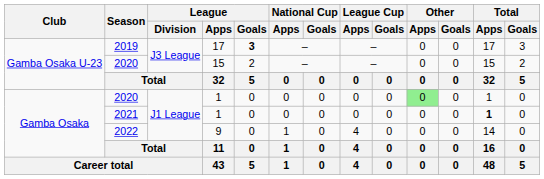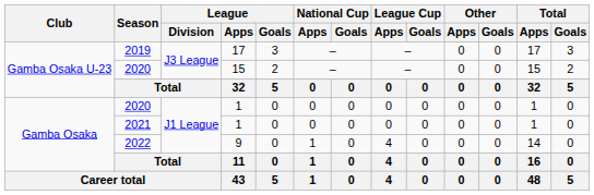 <table class="wikitable" style="text-align: center">
 <tr>
 <th rowspan="2">Club</th>
 <th rowspan="2">Season</th>
 <th colspan="3">League</th>
 <th colspan="2">National Cup</th>
 <th colspan="2">League Cup</th>
 <th colspan="2">Other</th>
 <th colspan="2">Total</th>
 </tr>
 <tr>
 <th>Division</th>
 <th>Apps</th>
 <th>Goals</th>
 <th>Apps</th>
 <th>Goals</th>
 <th>Apps</th>
 <th>Goals</th>
 <th>Apps</th>
 <th>Goals</th>
 <th>Apps</th>
 <th>Goals</th>
 </tr>
 <tr>
 <td rowspan="3"><a href='#'>Gamba Osaka U-23</a></td>
 <td><a href='#'>2019</a></td>
 <td rowspan="2"><a href='#'>J3 League</a></td>
 <td>17</td>
-<td><strong>3</strong></td>
+<td>3</td>
 <td colspan="2">–</td>
 <td colspan="2">–</td>
 <td>0</td>
 <td>0</td>
 <td>17</td>
 <td>3</td>
 </tr>
 <tr>
 <td><a href='#'>2020</a></td>
 <td>15</td>
 <td>2</td>
 <td colspan="2">–</td>
 <td colspan="2">–</td>
 <td>0</td>
 <td>0</td>
 <td>15</td>
 <td>2</td>
 </tr>
 <tr>
 <th colspan=2>Total</th>
 <th>32</th>
 <th>5</th>
 <th>0</th>
 <th>0</th>
 <th>0</th>
 <th>0</th>
 <th>0</th>
 <th>0</th>
 <th>32</th>
 <th>5</th>
 </tr>
 <tr>
 <td rowspan="4"><a href='#'>Gamba Osaka</a></td>
 <td><a href='#'>2020</a></td>
 <td rowspan="3"><a href='#'>J1 League</a></td>
 <td>1</td>
 <td>0</td>
 <td>0</td>
 <td>0</td>
 <td>0</td>
 <td>0</td>
-<td style="background: lightgreen;">0</td>
+<td>0</td>
 <td>0</td>
 <td>1</td>
 <td>0</td>
 </tr>
 <tr>
 <td><a href='#'>2021</a></td>
 <td>1</td>
 <td>0</td>
 <td>0</td>
 <td>0</td>
 <td>0</td>
 <td>0</td>
 <td>0</td>
 <td>0</td>
-<td><strong>1</strong></td>
+<td>1</td>
 <td>0</td>
 </tr>
 <tr>
 <td><a href='#'>2022</a></td>
 <td>9</td>
 <td>0</td>
 <td>1</td>
 <td>0</td>
 <td>4</td>
 <td>0</td>
 <td>0</td>
 <td>0</td>
 <td>14</td>
 <td>0</td>
 </tr>
 <tr>
 <th colspan=2>Total</th>
 <th>11</th>
 <th>0</th>
 <th>1</th>
 <th>0</th>
 <th>4</th>
 <th>0</th>
 <th>0</th>
 <th>0</th>
 <th>16</th>
 <th>0</th>
 </tr>
 <tr>
 <th colspan=3>Career total</th>
 <th>43</th>
 <th>5</th>
 <th>1</th>
 <th>0</th>
 <th>4</th>
 <th>0</th>
 <th>0</th>
 <th>0</th>
 <th>48</th>
 <th>5</th>
 </tr>
 </table>
